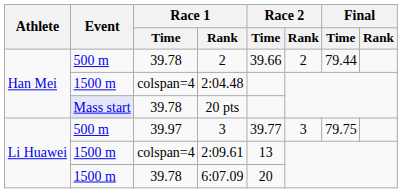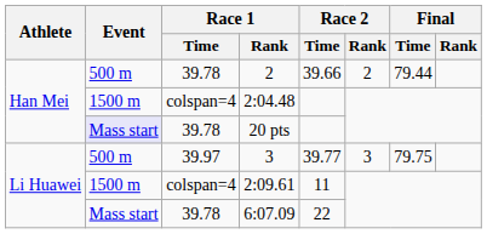 <table class="wikitable" style="font-size:90%">
 <tr>
 <th rowspan=2>Athlete</th>
 <th rowspan=2>Event</th>
 <th colspan=2>Race 1</th>
 <th colspan=2>Race 2</th>
 <th colspan=2>Final</th>
 </tr>
 <tr style="font-size:95%">
 <th>Time</th>
 <th>Rank</th>
 <th>Time</th>
 <th>Rank</th>
 <th>Time</th>
 <th>Rank</th>
 </tr>
 <tr align=center>
 <td align=left rowspan=3><a href='#'>Han Mei</a></td>
 <td align=left><a href='#'>500 m</a></td>
 <td>39.78</td>
 <td>2</td>
 <td>39.66</td>
 <td>2</td>
 <td>79.44</td>
 <td></td>
 </tr>
 <tr align=center>
 <td align=left><a href='#'>1500 m</a></td>
 <td>colspan=4 </td>
 <td>2:04.48</td>
 <td></td>
 </tr>
 <tr align=center>
 <td align=left style="background: lavender;"><a href='#'>Mass start</a></td>
 <td>39.78</td>
 <td>20 pts</td>
 <td></td>
 </tr>
 <tr align=center>
 <td align=left rowspan=3><a href='#'>Li Huawei</a></td>
 <td align=left><a href='#'>500 m</a></td>
 <td>39.97</td>
 <td>3</td>
 <td>39.77</td>
 <td>3</td>
 <td>79.75</td>
 <td></td>
 </tr>
 <tr align=center>
 <td align=left><a href='#'>1500 m</a></td>
 <td>colspan=4 </td>
 <td>2:09.61</td>
-<td>13</td>
+<td>11</td>
 </tr>
 <tr align=center>
-<td align=left><a href='#'>1500 m</a></td>
+<td align=left><a href='#'>Mass start</a></td>
 <td>39.78</td>
 <td>6:07.09</td>
-<td>20</td>
+<td>22</td>
 </tr>
 </table>
